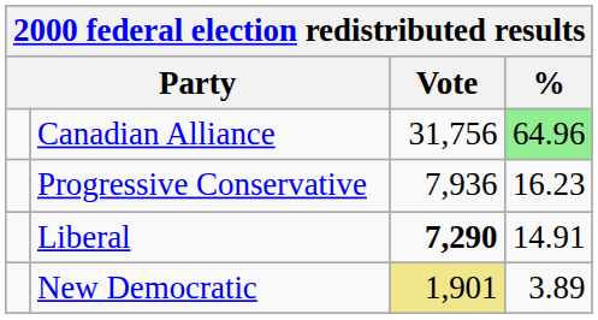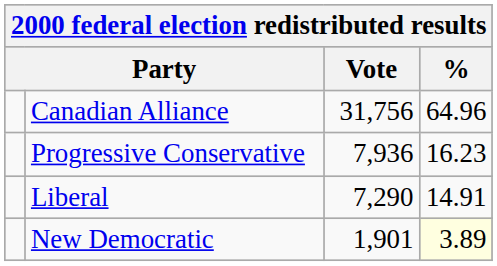 <table class="wikitable">
 <tr>
 <th colspan="4"><a href='#'>2000 federal election</a> redistributed results</th>
 </tr>
 <tr>
 <th bgcolor="#DDDDFF" width="130px" colspan="2">Party</th>
 <th bgcolor="#DDDDFF" width="50px">Vote</th>
 <th bgcolor="#DDDDFF" width="30px">%</th>
 </tr>
 <tr>
 <td> </td>
 <td><a href='#'>Canadian Alliance</a></td>
 <td align=right>31,756</td>
-<td align=right style="background: lightgreen;">64.96</td>
+<td align=right>64.96</td>
 </tr>
 <tr>
 <td> </td>
 <td><a href='#'>Progressive Conservative</a></td>
 <td align=right>7,936</td>
 <td align=right>16.23</td>
 </tr>
 <tr>
 <td> </td>
 <td><a href='#'>Liberal</a></td>
-<td align=right><strong>7,290</strong></td>
+<td align=right>7,290</td>
 <td align=right>14.91</td>
 </tr>
 <tr>
 <td> </td>
 <td><a href='#'>New Democratic</a></td>
-<td align=right style="background: khaki;">1,901</td>
-<td align=right>3.89</td>
+<td align=right>1,901</td>
+<td align=right style="background: lightyellow;">3.89</td>
 </tr>
 </table>
